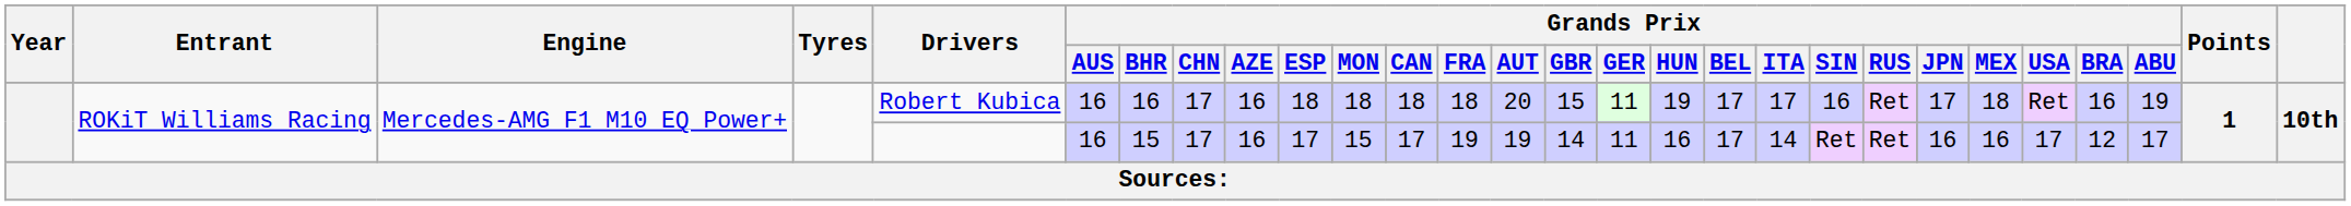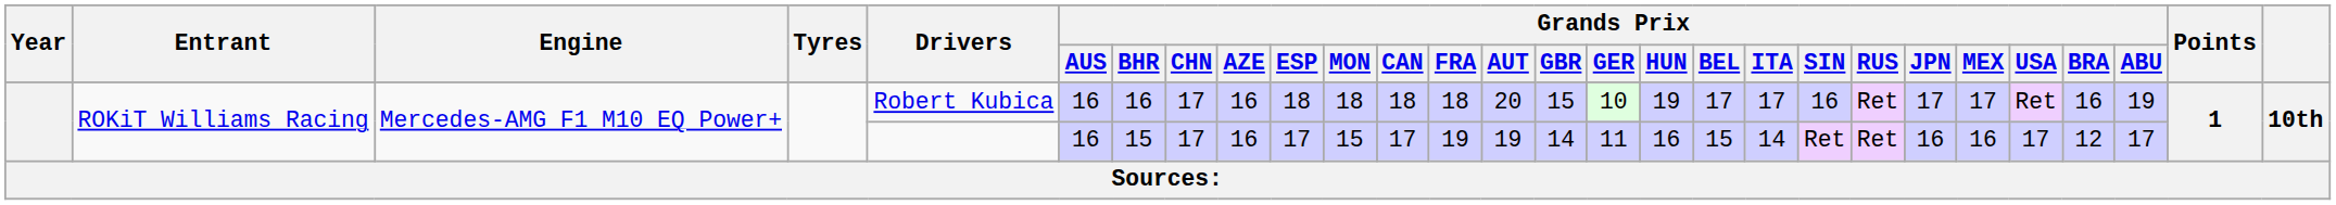 <table class="wikitable" style="text-align:center; font-size:90%">
 <tr>
 <th rowspan="2">Year</th>
 <th rowspan="2">Entrant</th>
 <th rowspan="2">Engine</th>
 <th rowspan="2">Tyres</th>
 <th rowspan="2">Drivers</th>
 <th colspan="21">Grands Prix</th>
 <th rowspan="2">Points</th>
 <th rowspan="2"></th>
 </tr>
 <tr>
 <th><a href='#'>AUS</a></th>
 <th><a href='#'>BHR</a></th>
 <th><a href='#'>CHN</a></th>
 <th><a href='#'>AZE</a></th>
 <th><a href='#'>ESP</a></th>
 <th><a href='#'>MON</a></th>
 <th><a href='#'>CAN</a></th>
 <th><a href='#'>FRA</a></th>
 <th><a href='#'>AUT</a></th>
 <th><a href='#'>GBR</a></th>
 <th><a href='#'>GER</a></th>
 <th><a href='#'>HUN</a></th>
 <th><a href='#'>BEL</a></th>
 <th><a href='#'>ITA</a></th>
 <th><a href='#'>SIN</a></th>
 <th><a href='#'>RUS</a></th>
 <th><a href='#'>JPN</a></th>
 <th><a href='#'>MEX</a></th>
 <th><a href='#'>USA</a></th>
 <th><a href='#'>BRA</a></th>
 <th><a href='#'>ABU</a></th>
 </tr>
 <tr>
 <th rowspan="2"></th>
 <td rowspan="2"><a href='#'>ROKiT Williams Racing</a></td>
 <td rowspan="2"><a href='#'>Mercedes-AMG F1 M10 EQ Power+</a></td>
 <td rowspan="2"></td>
 <td><a href='#'>Robert Kubica</a></td>
 <td style="background:#CFCFFF;">16</td>
 <td style="background:#CFCFFF;">16</td>
 <td style="background:#CFCFFF;">17</td>
 <td style="background:#CFCFFF;">16</td>
 <td style="background:#CFCFFF;">18</td>
 <td style="background:#CFCFFF;">18</td>
 <td style="background:#CFCFFF;">18</td>
 <td style="background:#CFCFFF;">18</td>
 <td style="background:#CFCFFF;">20</td>
 <td style="background:#CFCFFF;">15</td>
-<td style="background:#DFFFDF;">11</td>
+<td style="background:#DFFFDF;">10</td>
 <td style="background:#CFCFFF;">19</td>
 <td style="background:#CFCFFF;">17</td>
 <td style="background:#CFCFFF;">17</td>
 <td style="background:#CFCFFF;">16</td>
 <td style="background:#EFCFFF;">Ret</td>
 <td style="background:#CFCFFF;">17</td>
-<td style="background:#CFCFFF;">18</td>
+<td style="background:#CFCFFF;">17</td>
 <td style="background:#EFCFFF;">Ret</td>
 <td style="background:#CFCFFF;">16</td>
 <td style="background:#CFCFFF;">19</td>
 <th rowspan="2">1</th>
 <th rowspan="2">10th</th>
 </tr>
 <tr>
 <td align="center"></td>
 <td style="background:#CFCFFF;">16</td>
 <td style="background:#CFCFFF;">15</td>
 <td style="background:#CFCFFF;">17</td>
 <td style="background:#CFCFFF;">16</td>
 <td style="background:#CFCFFF;">17</td>
 <td style="background:#CFCFFF;">15</td>
 <td style="background:#CFCFFF;">17</td>
 <td style="background:#CFCFFF;">19</td>
 <td style="background:#CFCFFF;">19</td>
 <td style="background:#CFCFFF;">14</td>
 <td style="background:#CFCFFF;">11</td>
 <td style="background:#CFCFFF;">16</td>
-<td style="background:#CFCFFF;">17</td>
+<td style="background:#CFCFFF;">15</td>
 <td style="background:#CFCFFF;">14</td>
 <td style="background:#EFCFFF;">Ret</td>
 <td style="background:#EFCFFF;">Ret</td>
 <td style="background:#CFCFFF;">16</td>
 <td style="background:#CFCFFF;">16</td>
 <td style="background:#CFCFFF;">17</td>
 <td style="background:#CFCFFF;">12</td>
 <td style="background:#CFCFFF;">17</td>
 </tr>
 <tr>
 <th colspan="28">Sources:</th>
 </tr>
 </table>
